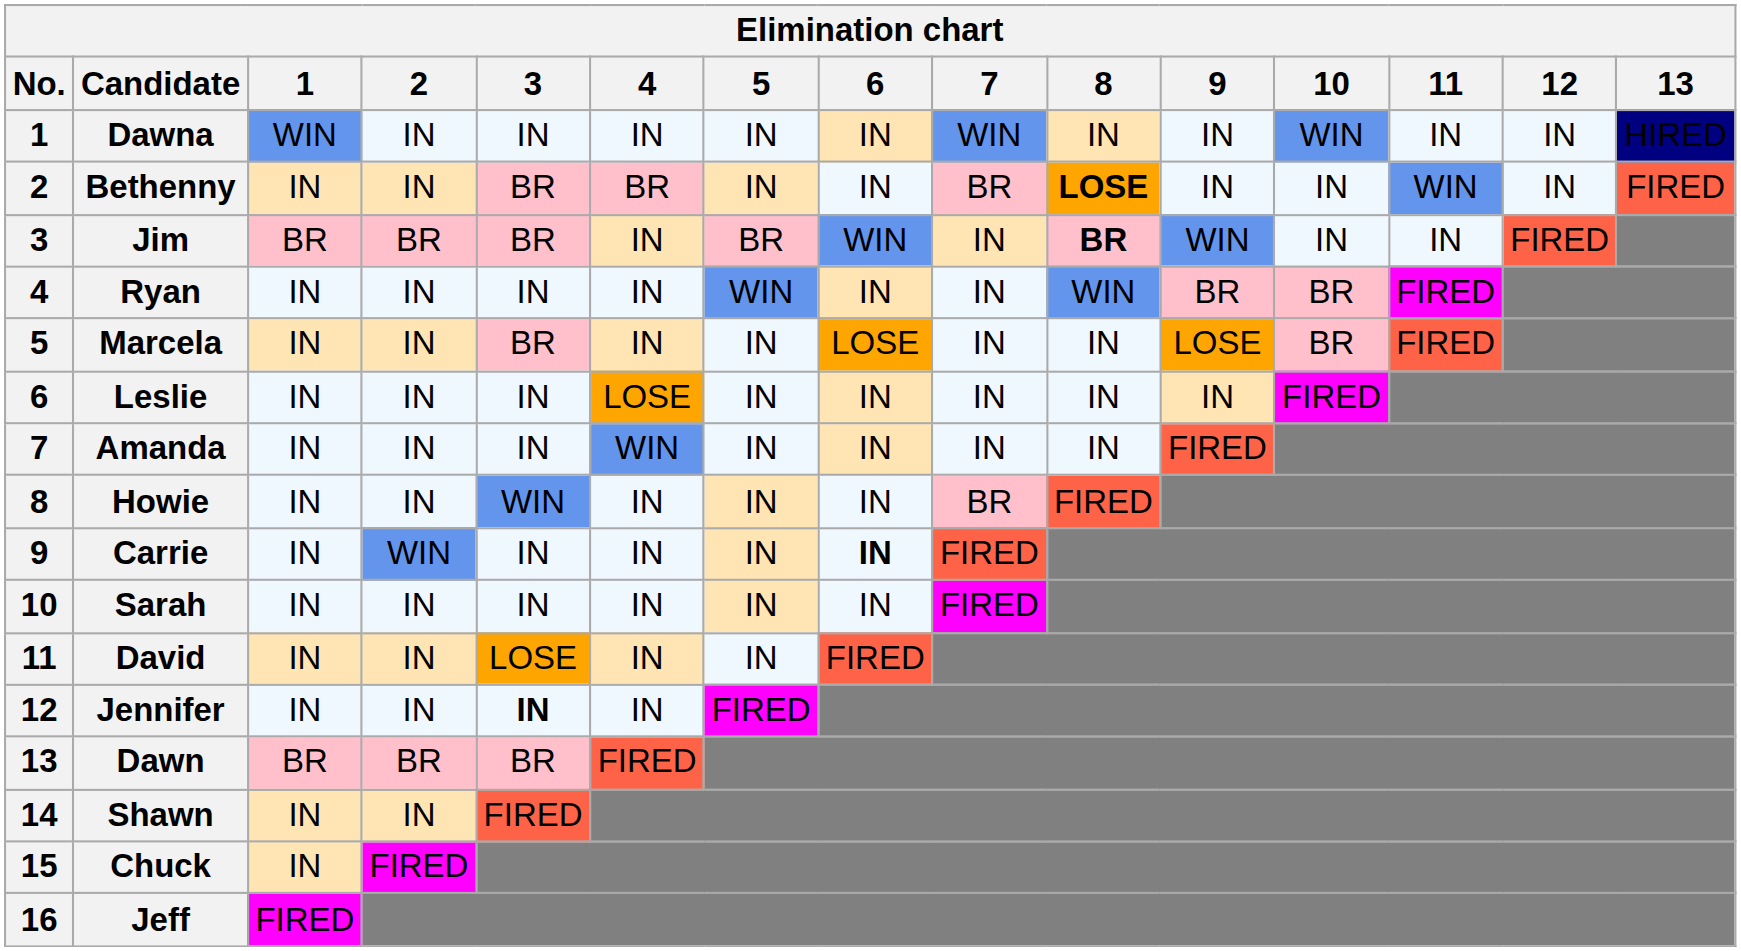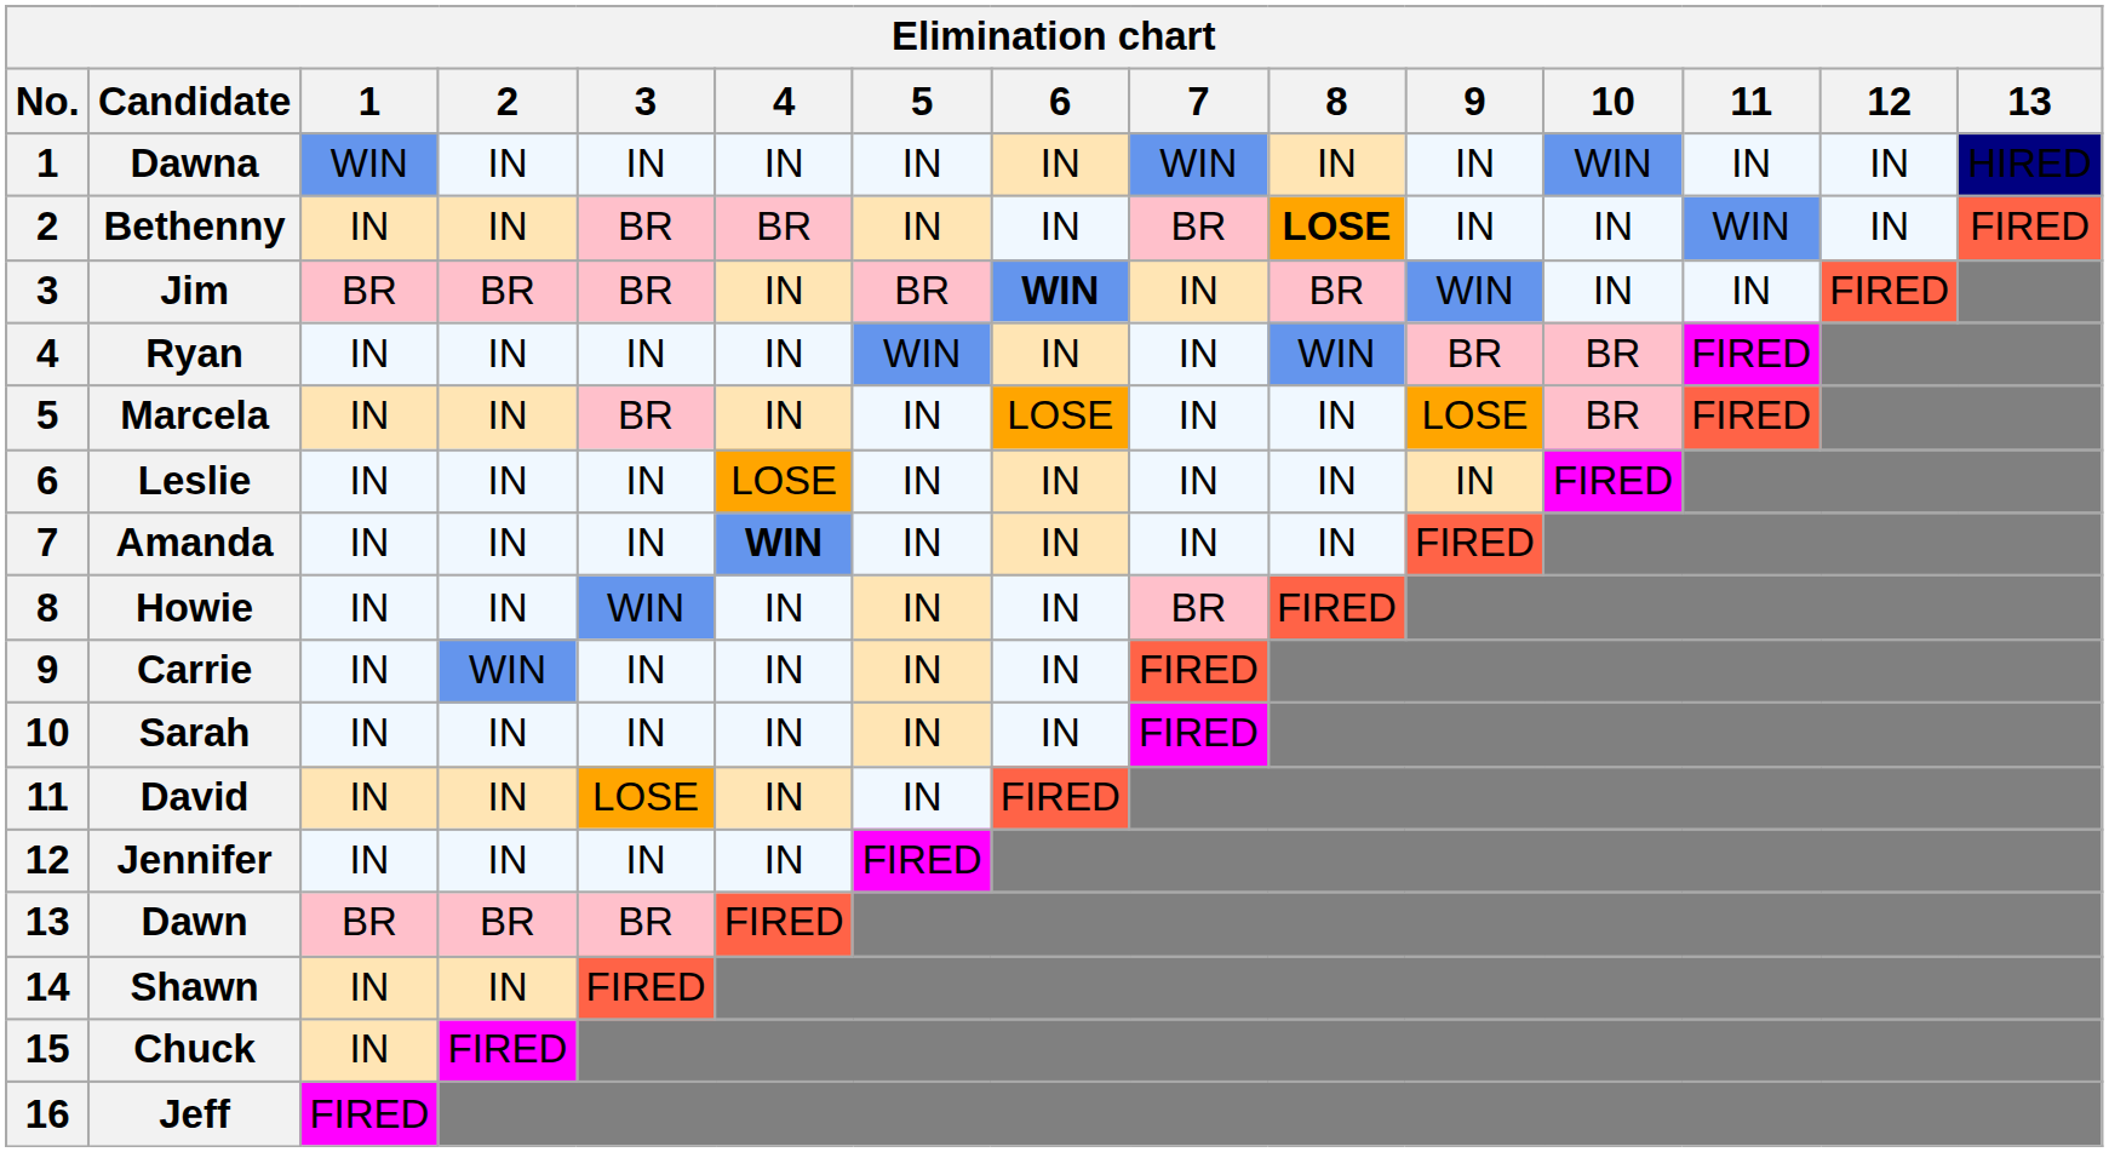 <table class="wikitable" style="text-align:center;">
 <tr>
 <th colspan="18">Elimination chart</th>
 </tr>
 <tr>
 <th>No.</th>
 <th>Candidate</th>
 <th>1</th>
 <th>2</th>
 <th>3</th>
 <th>4</th>
 <th>5</th>
 <th>6</th>
 <th>7</th>
 <th>8</th>
 <th>9</th>
 <th>10</th>
 <th>11</th>
 <th>12</th>
 <th>13</th>
 </tr>
 <tr>
 <th>1</th>
 <th>Dawna</th>
 <td style="background:cornflowerblue;">WIN</td>
 <td style="background:#f0f8ff;">IN</td>
 <td style="background:#f0f8ff;">IN</td>
 <td style="background:#f0f8ff;">IN</td>
 <td style="background:#f0f8ff;">IN</td>
 <td style="background:#ffe5b4;">IN</td>
 <td style="background:cornflowerblue;">WIN</td>
 <td style="background:#ffe5b4;">IN</td>
 <td style="background:#f0f8ff;">IN</td>
 <td style="background:cornflowerblue;">WIN</td>
 <td style="background:#f0f8ff;">IN</td>
 <td style="background:#f0f8ff;">IN</td>
 <td style="background:navy;"><span> HIRED </span></td>
 </tr>
 <tr>
 <th>2</th>
 <th>Bethenny</th>
 <td style="background:#ffe5b4;">IN</td>
 <td style="background:#ffe5b4;">IN</td>
 <td style="background:pink;">BR</td>
 <td style="background:pink;">BR</td>
 <td style="background:#ffe5b4;">IN</td>
 <td style="background:#f0f8ff;">IN</td>
 <td style="background:pink;">BR</td>
 <td style="background:orange;"><strong>LOSE</strong></td>
 <td style="background:#f0f8ff;">IN</td>
 <td style="background:#f0f8ff;">IN</td>
 <td style="background:cornflowerblue;">WIN</td>
 <td style="background:#f0f8ff;">IN</td>
 <td style="background:tomato;">FIRED</td>
 </tr>
 <tr>
 <th>3</th>
 <th>Jim</th>
 <td style="background:pink;">BR</td>
 <td style="background:pink;">BR</td>
 <td style="background:pink;">BR</td>
 <td style="background:#ffe5b4;">IN</td>
 <td style="background:pink;">BR</td>
-<td style="background:cornflowerblue;">WIN</td>
+<td style="background:cornflowerblue;"><strong>WIN</strong></td>
 <td style="background:#ffe5b4;">IN</td>
-<td style="background:pink;"><strong>BR</strong></td>
+<td style="background:pink;">BR</td>
 <td style="background:cornflowerblue;">WIN</td>
 <td style="background:#f0f8ff;">IN</td>
 <td style="background:#f0f8ff;">IN</td>
 <td style="background:tomato;">FIRED</td>
 <td style="background:gray;"></td>
 </tr>
 <tr>
 <th>4</th>
 <th>Ryan</th>
 <td style="background:#f0f8ff;">IN</td>
 <td style="background:#f0f8ff;">IN</td>
 <td style="background:#f0f8ff;">IN</td>
 <td style="background:#f0f8ff;">IN</td>
 <td style="background:cornflowerblue;">WIN</td>
 <td style="background:#ffe5b4;">IN</td>
 <td style="background:#f0f8ff;">IN</td>
 <td style="background:cornflowerblue;">WIN</td>
 <td style="background:pink;">BR</td>
 <td style="background:pink;">BR</td>
 <td style="background:magenta;">FIRED</td>
 <td colspan="2" style="background:gray;"></td>
 </tr>
 <tr>
 <th>5</th>
 <th>Marcela</th>
 <td style="background:#ffe5b4;">IN</td>
 <td style="background:#ffe5b4;">IN</td>
 <td style="background:pink;">BR</td>
 <td style="background:#ffe5b4;">IN</td>
 <td style="background:#f0f8ff;">IN</td>
 <td style="background:orange;">LOSE</td>
 <td style="background:#f0f8ff;">IN</td>
 <td style="background:#f0f8ff;">IN</td>
 <td style="background:orange;">LOSE</td>
 <td style="background:pink;">BR</td>
 <td style="background:tomato;">FIRED</td>
 <td colspan="2" style="background:gray;"></td>
 </tr>
 <tr>
 <th>6</th>
 <th>Leslie</th>
 <td style="background:#f0f8ff;">IN</td>
 <td style="background:#f0f8ff;">IN</td>
 <td style="background:#f0f8ff;">IN</td>
 <td style="background:orange;">LOSE</td>
 <td style="background:#f0f8ff;">IN</td>
 <td style="background:#ffe5b4;">IN</td>
 <td style="background:#f0f8ff;">IN</td>
 <td style="background:#f0f8ff;">IN</td>
 <td style="background:#ffe5b4;">IN</td>
 <td style="background:magenta;">FIRED</td>
 <td colspan="3" style="background:gray;"></td>
 </tr>
 <tr>
 <th>7</th>
 <th>Amanda</th>
 <td style="background:#f0f8ff;">IN</td>
 <td style="background:#f0f8ff;">IN</td>
 <td style="background:#f0f8ff;">IN</td>
-<td style="background:cornflowerblue;">WIN</td>
+<td style="background:cornflowerblue;"><strong>WIN</strong></td>
 <td style="background:#f0f8ff;">IN</td>
 <td style="background:#ffe5b4;">IN</td>
 <td style="background:#f0f8ff;">IN</td>
 <td style="background:#f0f8ff;">IN</td>
 <td style="background:tomato;">FIRED</td>
 <td colspan="4" style="background:gray;"></td>
 </tr>
 <tr>
 <th>8</th>
 <th>Howie</th>
 <td style="background:#f0f8ff;">IN</td>
 <td style="background:#f0f8ff;">IN</td>
 <td style="background:cornflowerblue;">WIN</td>
 <td style="background:#f0f8ff;">IN</td>
 <td style="background:#ffe5b4;">IN</td>
 <td style="background:#f0f8ff;">IN</td>
 <td style="background:pink;">BR</td>
 <td style="background:tomato;">FIRED</td>
 <td colspan="5" style="background:gray;"></td>
 </tr>
 <tr>
 <th>9</th>
 <th>Carrie</th>
 <td style="background:#f0f8ff;">IN</td>
 <td style="background:cornflowerblue;">WIN</td>
 <td style="background:#f0f8ff;">IN</td>
 <td style="background:#f0f8ff;">IN</td>
 <td style="background:#ffe5b4;">IN</td>
-<td style="background:#f0f8ff;"><strong>IN</strong></td>
+<td style="background:#f0f8ff;">IN</td>
 <td style="background:tomato;">FIRED</td>
 <td colspan="6" style="background:gray;"></td>
 </tr>
 <tr>
 <th>10</th>
 <th>Sarah</th>
 <td style="background:#f0f8ff;">IN</td>
 <td style="background:#f0f8ff;">IN</td>
 <td style="background:#f0f8ff;">IN</td>
 <td style="background:#f0f8ff;">IN</td>
 <td style="background:#ffe5b4;">IN</td>
 <td style="background:#f0f8ff;">IN</td>
 <td style="background:Magenta;">FIRED</td>
 <td colspan="7" style="background:gray;"></td>
 </tr>
 <tr>
 <th>11</th>
 <th>David</th>
 <td style="background:#ffe5b4;">IN</td>
 <td style="background:#ffe5b4;">IN</td>
 <td style="background:orange;">LOSE</td>
 <td style="background:#ffe5b4;">IN</td>
 <td style="background:#f0f8ff;">IN</td>
 <td style="background:tomato;">FIRED</td>
 <td colspan="7" style="background:gray;"></td>
 </tr>
 <tr>
 <th>12</th>
 <th>Jennifer</th>
 <td style="background:#f0f8ff;">IN</td>
 <td style="background:#f0f8ff;">IN</td>
-<td style="background:#f0f8ff;"><strong>IN</strong></td>
+<td style="background:#f0f8ff;">IN</td>
 <td style="background:#f0f8ff;">IN</td>
 <td style="background:magenta;">FIRED</td>
 <td colspan="8" style="background:gray;"></td>
 </tr>
 <tr>
 <th>13</th>
 <th>Dawn</th>
 <td style="background:pink;">BR</td>
 <td style="background:pink;">BR</td>
 <td style="background:pink;">BR</td>
 <td style="background:tomato;">FIRED</td>
 <td colspan="9" style="background:gray;"></td>
 </tr>
 <tr>
 <th>14</th>
 <th>Shawn</th>
 <td style="background:#ffe5b4;">IN</td>
 <td style="background:#ffe5b4;">IN</td>
 <td style="background:tomato;">FIRED</td>
 <td colspan="10" style="background:gray;"></td>
 </tr>
 <tr>
 <th>15</th>
 <th>Chuck</th>
 <td style="background:#ffe5b4;">IN</td>
 <td style="background:magenta;">FIRED</td>
 <td colspan="11" style="background:gray;"></td>
 </tr>
 <tr>
 <th>16</th>
 <th>Jeff</th>
 <td style="background:magenta;">FIRED</td>
 <td colspan="12" style="background:gray;"></td>
 </tr>
 </table>
